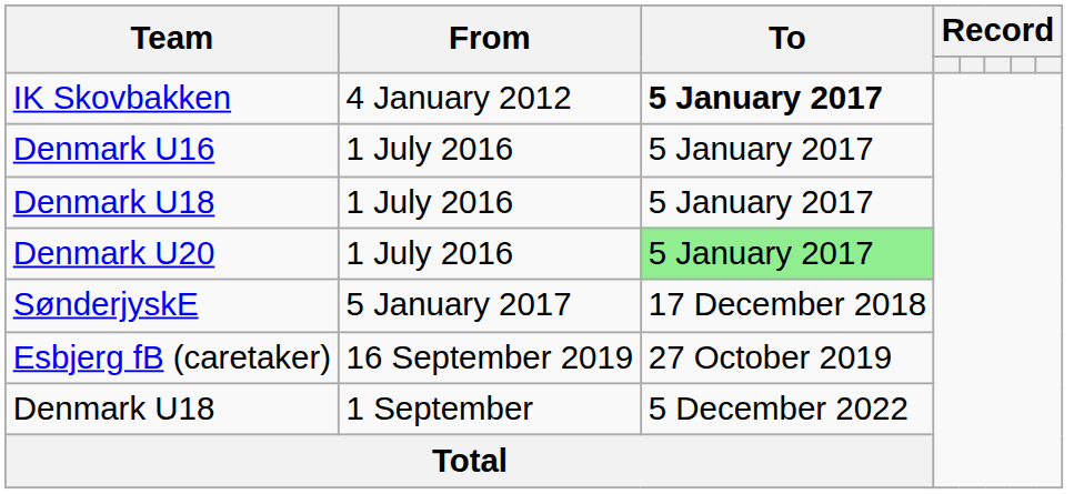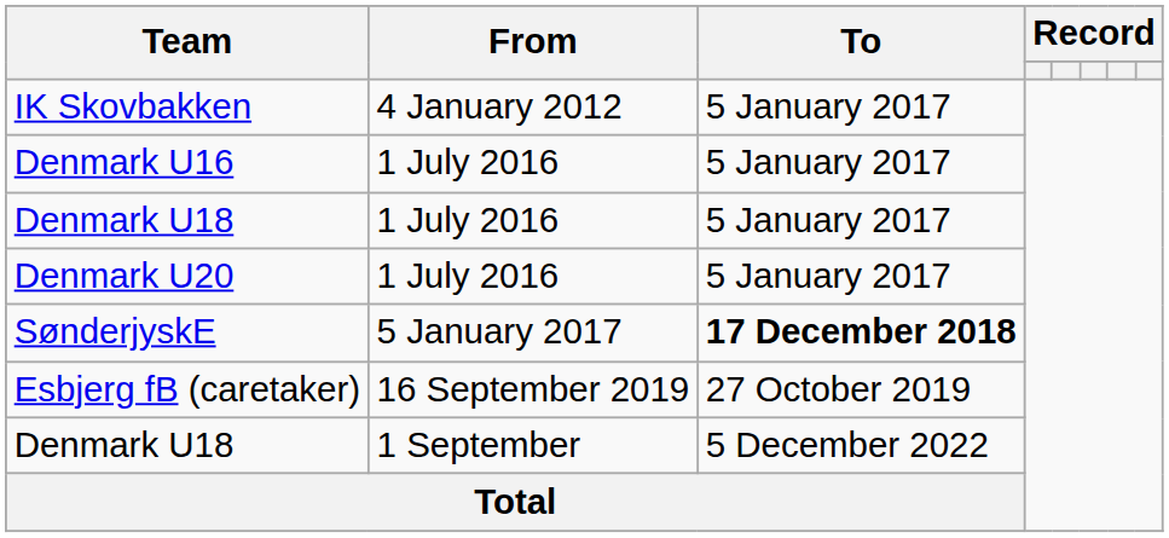 <table class="wikitable" style="text-align: center;">
 <tr>
 <th rowspan=2>Team</th>
 <th rowspan=2>From</th>
 <th rowspan=2>To</th>
 <th colspan=5>Record</th>
 </tr>
 <tr>
 <th></th>
 <th></th>
 <th></th>
 <th></th>
 <th></th>
 </tr>
 <tr>
 <td align=left><a href='#'>IK Skovbakken</a></td>
 <td align=left>4 January 2012</td>
-<td align=left><strong>5 January 2017<br></strong></td>
+<td align=left>5 January 2017<br></td>
 </tr>
 <tr>
 <td align=left><a href='#'>Denmark U16</a></td>
 <td align=left>1 July 2016</td>
 <td align=left>5 January 2017<br></td>
 </tr>
 <tr>
 <td align=left><a href='#'>Denmark U18</a></td>
 <td align=left>1 July 2016</td>
 <td align=left>5 January 2017<br></td>
 </tr>
 <tr>
 <td align=left><a href='#'>Denmark U20</a></td>
 <td align=left>1 July 2016</td>
-<td align=left style="background: lightgreen;">5 January 2017<br></td>
+<td align=left>5 January 2017<br></td>
 </tr>
 <tr>
 <td align=left><a href='#'>SønderjyskE</a></td>
 <td align=left>5 January 2017</td>
-<td align=left>17 December 2018<br></td>
+<td align=left><strong>17 December 2018<br></strong></td>
 </tr>
 <tr>
 <td align=left><a href='#'>Esbjerg fB</a> (caretaker)</td>
 <td align=left>16 September 2019</td>
 <td align=left>27 October 2019<br></td>
 </tr>
 <tr>
 <td align=left>Denmark U18</td>
 <td align=left>1 September</td>
 <td align=left>5 December 2022<br></td>
 </tr>
 <tr>
 <th colspan=3>Total<br></th>
 </tr>
 </table>
